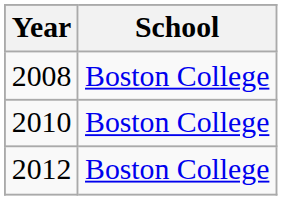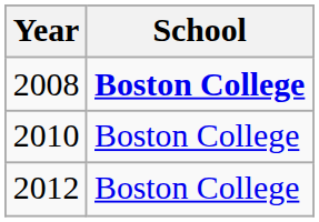 <table class="wikitable">
 <tr>
 <th>Year</th>
 <th>School</th>
 </tr>
 <tr>
 <td>2008</td>
-<td><a href='#'>Boston College</a></td>
+<td><strong><a href='#'>Boston College</a></strong></td>
 </tr>
 <tr>
 <td>2010</td>
 <td><a href='#'>Boston College</a></td>
 </tr>
 <tr>
 <td>2012</td>
 <td><a href='#'>Boston College</a></td>
 </tr>
 </table>
